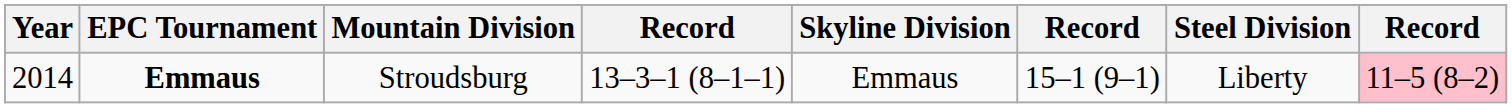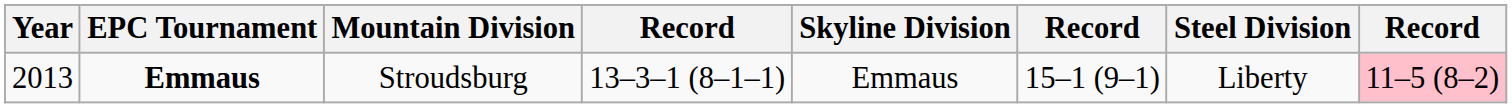 <table class="wikitable" style="text-align:center">
 <tr>
 <th>Year</th>
 <th>EPC Tournament</th>
 <th>Mountain Division</th>
 <th>Record</th>
 <th>Skyline Division</th>
 <th>Record</th>
 <th>Steel Division</th>
 <th>Record</th>
 </tr>
 <tr>
-<td>2014</td>
+<td>2013</td>
 <td><strong>Emmaus</strong></td>
 <td>Stroudsburg</td>
 <td>13–3–1 (8–1–1)</td>
 <td>Emmaus</td>
 <td>15–1 (9–1)</td>
 <td>Liberty</td>
 <td style="background: pink;">11–5 (8–2)</td>
 </tr>
 </table>
